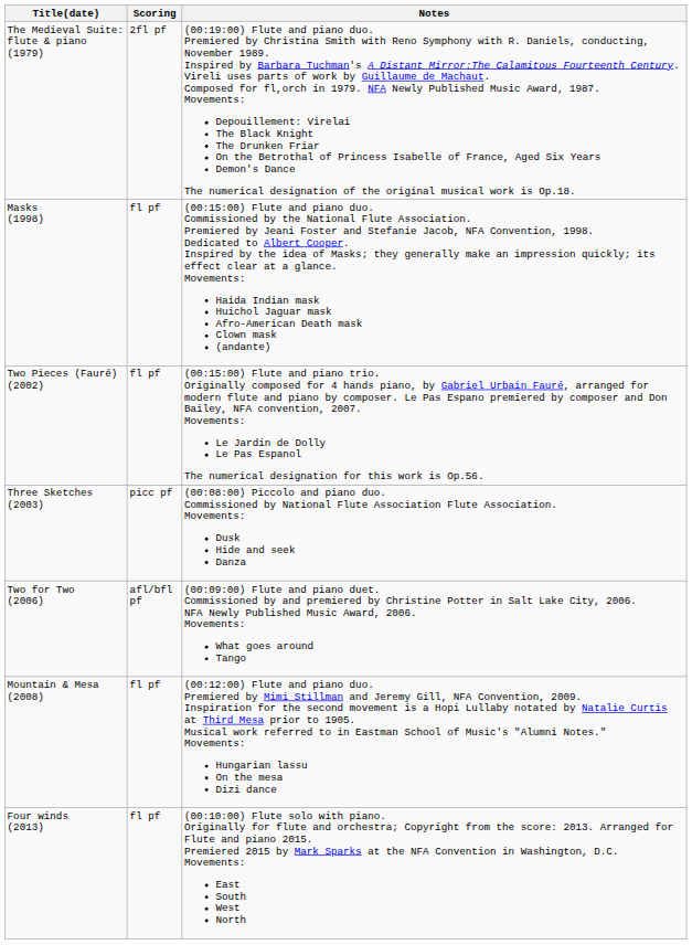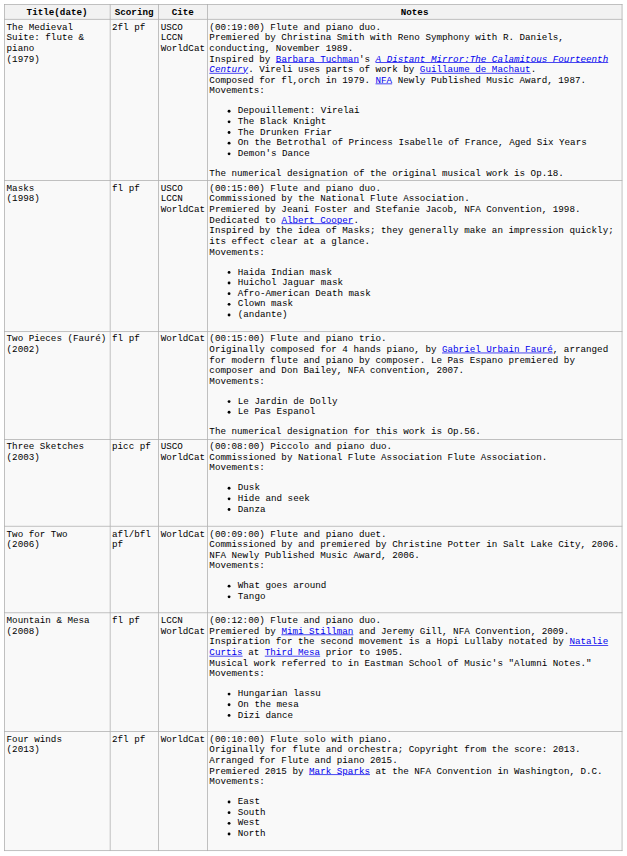 <table class="sortable wikitable" style="margins:auto; width=95%;">
 <tr>
 <th width="">Title(date)</th>
 <th width="">Scoring</th>
+<th width="">Cite</th>
 <th width="">Notes</th>
 </tr>
 <tr valign="top">
 <td>The Medieval Suite: flute & piano<br>(1979)</td>
 <td>2fl pf</td>
+<td>USCO<br>LCCN<br>WorldCat</td>
 <td>(00:19:00) Flute and piano duo.<br>Premiered by Christina Smith with Reno Symphony with R. Daniels, conducting, November 1989.<br>Inspired by <a href='#'>Barbara Tuchman</a>'s  <em><a href='#'>A Distant Mirror:The Calamitous Fourteenth Century</a></em>. Vireli uses parts of work by <a href='#'>Guillaume de Machaut</a>.<br>Composed for fl,orch in 1979. <a href='#'>NFA</a> Newly Published Music Award, 1987.<br>Movements:<ul><li>Depouillement: Virelai</li><li>The Black Knight</li><li>The Drunken Friar</li><li>On the Betrothal of Princess Isabelle of France, Aged Six Years</li><li>Demon's Dance</li></ul>The numerical designation of the original musical work is Op.18.</td>
 </tr>
 <tr valign="top">
 <td>Masks<br>(1998)</td>
 <td>fl pf</td>
+<td>USCO<br>LCCN<br>WorldCat</td>
 <td>(00:15:00) Flute and piano duo.<br>Commissioned by the National Flute Association.<br>Premiered by Jeani Foster  and Stefanie Jacob, NFA Convention, 1998.<br>Dedicated to <a href='#'>Albert Cooper</a>.<br>Inspired by the idea of Masks; they generally make an impression quickly; its effect clear at a glance.<br>Movements:<ul><li>Haida Indian mask</li><li>Huichol Jaguar mask</li><li>Afro-American Death mask</li><li>Clown mask</li><li>(andante)</li></ul></td>
 </tr>
 <tr valign="top">
 <td>Two Pieces (Fauré)<br>(2002)</td>
 <td>fl pf</td>
+<td>WorldCat</td>
 <td>(00:15:00) Flute and piano trio.<br>Originally composed for 4 hands piano, by <a href='#'>Gabriel Urbain Fauré</a>, arranged for modern flute and piano by composer. Le Pas Espano premiered by composer and Don Bailey, NFA convention, 2007.<br>Movements:<ul><li>Le Jardin de Dolly</li><li>Le Pas Espanol</li></ul>The numerical designation for this work is Op.56.</td>
 </tr>
 <tr valign="top">
 <td>Three Sketches<br>(2003)</td>
 <td>picc pf</td>
+<td>USCO<br>WorldCat</td>
 <td>(00:08:00) Piccolo and piano duo.<br>Commissioned by National Flute Association Flute Association.<br>Movements:<ul><li>Dusk</li><li>Hide and seek</li><li>Danza</li></ul></td>
 </tr>
 <tr valign="top">
 <td>Two for Two<br>(2006)</td>
 <td>afl/bfl pf</td>
+<td>WorldCat</td>
 <td>(00:09:00) Flute and piano duet.<br>Commissioned by and premiered by Christine Potter in Salt Lake City, 2006.<br>NFA Newly Published Music Award, 2006.<br>Movements:<ul><li>What goes around</li><li>Tango</li></ul></td>
 </tr>
 <tr valign="top">
 <td>Mountain & Mesa<br>(2008)</td>
 <td>fl pf</td>
+<td>LCCN<br>WorldCat</td>
 <td>(00:12:00) Flute and piano duo.<br>Premiered by <a href='#'>Mimi Stillman</a> and Jeremy Gill, NFA Convention, 2009.<br>Inspiration for the second movement is a Hopi Lullaby notated by <a href='#'>Natalie Curtis</a> at <a href='#'>Third Mesa</a> prior to 1905.<br>Musical work referred to in Eastman School of Music's "Alumni Notes."<br>Movements:<ul><li>Hungarian lassu</li><li>On the mesa</li><li>Dizi dance</li></ul></td>
 </tr>
 <tr valign="top">
 <td>Four winds<br>(2013)</td>
-<td>fl pf</td>
+<td>2fl pf</td>
+<td>WorldCat</td>
 <td>(00:10:00) Flute solo with piano.<br>Originally for flute and orchestra; Copyright from the score: 2013. Arranged for Flute and piano 2015.<br>Premiered 2015 by <a href='#'>Mark Sparks</a> at the NFA Convention in Washington, D.C.<br>Movements:<ul><li>East</li><li>South</li><li>West</li><li>North</li></ul></td>
 </tr>
 </table>
